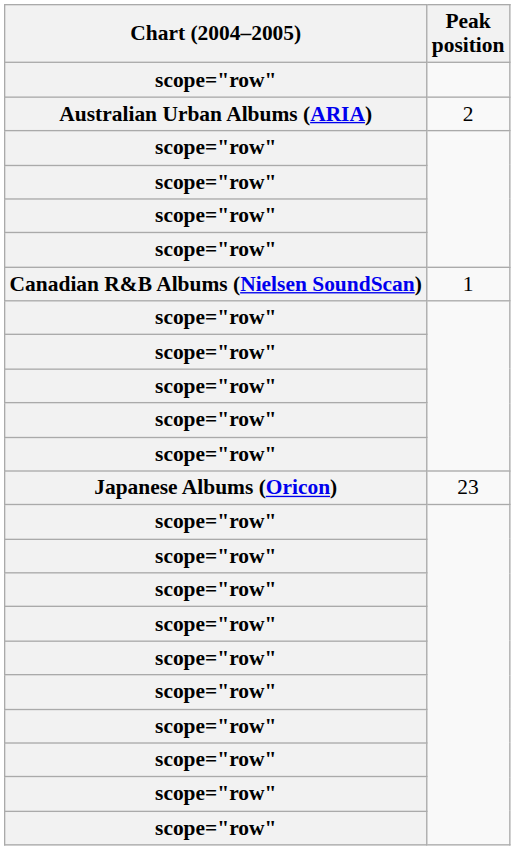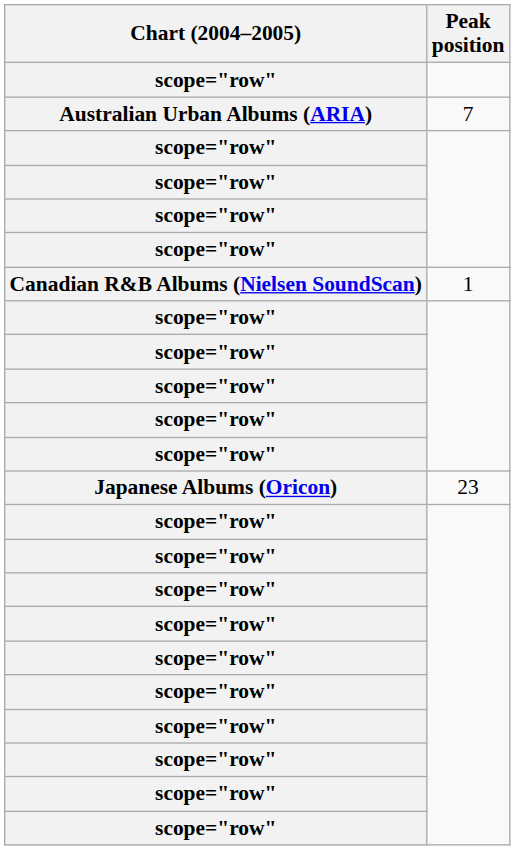 <table class="wikitable sortable plainrowheaders">
 <tr>
 <th>Chart (2004–2005)</th>
 <th>Peak<br>position</th>
 </tr>
 <tr>
 <th>scope="row" </th>
 </tr>
 <tr>
 <th scope="row">Australian Urban Albums (<a href='#'>ARIA</a>)</th>
-<td align="center">2</td>
+<td align="center">7</td>
 </tr>
 <tr>
 <th>scope="row" </th>
 </tr>
 <tr>
 <th>scope="row" </th>
 </tr>
 <tr>
 <th>scope="row" </th>
 </tr>
 <tr>
 <th>scope="row" </th>
 </tr>
 <tr>
 <th scope="row">Canadian R&B Albums (<a href='#'>Nielsen SoundScan</a>)</th>
 <td style="text-align:center;">1</td>
 </tr>
 <tr>
 <th>scope="row" </th>
 </tr>
 <tr>
 <th>scope="row" </th>
 </tr>
 <tr>
 <th>scope="row" </th>
 </tr>
 <tr>
 <th>scope="row" </th>
 </tr>
 <tr>
 <th>scope="row" </th>
 </tr>
 <tr>
 <th scope="row">Japanese Albums (<a href='#'>Oricon</a>)</th>
 <td align="center">23</td>
 </tr>
 <tr>
 <th>scope="row" </th>
 </tr>
 <tr>
 <th>scope="row" </th>
 </tr>
 <tr>
 <th>scope="row" </th>
 </tr>
 <tr>
 <th>scope="row" </th>
 </tr>
 <tr>
 <th>scope="row" </th>
 </tr>
 <tr>
 <th>scope="row" </th>
 </tr>
 <tr>
 <th>scope="row" </th>
 </tr>
 <tr>
 <th>scope="row" </th>
 </tr>
 <tr>
 <th>scope="row" </th>
 </tr>
 <tr>
 <th>scope="row" </th>
 </tr>
 </table>
